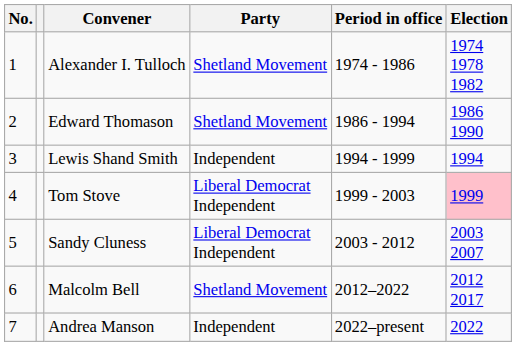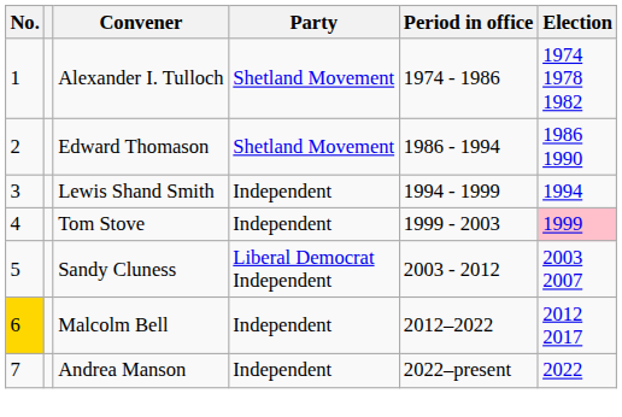 <table class="wikitable" style="font-size:95%;">
 <tr>
 <th>No.</th>
 <th></th>
 <th>Convener</th>
 <th>Party</th>
 <th>Period in office</th>
 <th>Election</th>
 </tr>
 <tr>
 <td>1</td>
 <td style="background-color:"></td>
 <td>Alexander I. Tulloch</td>
 <td><a href='#'>Shetland Movement</a></td>
 <td>1974 - 1986</td>
 <td><a href='#'>1974</a> <br> <a href='#'>1978</a> <br> <a href='#'>1982</a></td>
 </tr>
 <tr>
 <td>2</td>
 <td style="background-color:"></td>
 <td>Edward Thomason</td>
 <td><a href='#'>Shetland Movement</a></td>
 <td>1986 - 1994</td>
 <td><a href='#'>1986</a> <br> <a href='#'>1990</a></td>
 </tr>
 <tr>
 <td>3</td>
 <td style="background-color:"></td>
 <td>Lewis Shand Smith</td>
 <td>Independent</td>
 <td>1994 - 1999</td>
 <td><a href='#'>1994</a></td>
 </tr>
 <tr>
 <td>4</td>
 <td style="background-color:"></td>
 <td>Tom Stove</td>
-<td><a href='#'>Liberal Democrat</a> <br> Independent</td>
+<td>Independent</td>
 <td>1999 - 2003</td>
 <td style="background: pink;"><a href='#'>1999</a></td>
 </tr>
 <tr>
 <td>5</td>
 <td style="background-color:"></td>
 <td>Sandy Cluness</td>
 <td><a href='#'>Liberal Democrat</a> <br> Independent</td>
 <td>2003 - 2012</td>
 <td><a href='#'>2003</a> <br> <a href='#'>2007</a></td>
 </tr>
 <tr>
-<td>6</td>
+<td style="background: gold;">6</td>
 <td style="background-color:"></td>
 <td>Malcolm Bell</td>
-<td><a href='#'>Shetland Movement</a></td>
+<td>Independent</td>
 <td>2012–2022</td>
 <td><a href='#'>2012</a> <br> <a href='#'>2017</a></td>
 </tr>
 <tr>
 <td>7</td>
 <td style="background-color:"></td>
 <td>Andrea Manson</td>
 <td>Independent</td>
 <td>2022–present</td>
 <td><a href='#'>2022</a></td>
 </tr>
 </table>
